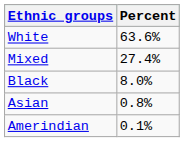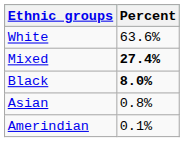 <table class="wikitable">
 <tr style="background:#009966;" colspan="2">
 <th><a href='#'>Ethnic groups</a></th>
 <th><span>Percent</span></th>
 </tr>
 <tr>
 <td><a href='#'>White</a></td>
 <td>63.6%</td>
 </tr>
 <tr>
 <td><a href='#'>Mixed</a></td>
-<td>27.4%</td>
+<td><strong>27.4%</strong></td>
 </tr>
 <tr>
 <td><a href='#'>Black</a></td>
-<td>8.0%</td>
+<td><strong>8.0%</strong></td>
 </tr>
 <tr>
 <td><a href='#'>Asian</a></td>
 <td>0.8%</td>
 </tr>
 <tr>
 <td><a href='#'>Amerindian</a></td>
 <td>0.1%</td>
 </tr>
 </table>
